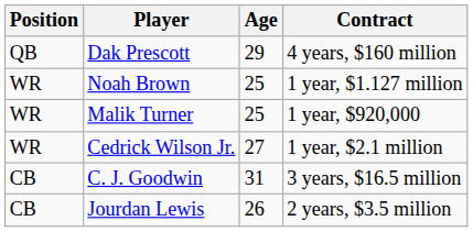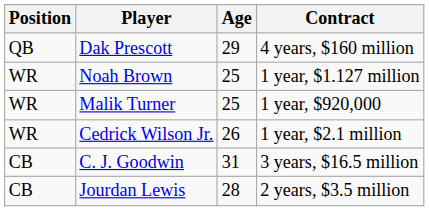 <table class="wikitable">
 <tr>
 <th>Position</th>
 <th>Player</th>
 <th>Age</th>
 <th>Contract</th>
 </tr>
 <tr>
 <td>QB</td>
 <td><a href='#'>Dak Prescott</a></td>
 <td>29</td>
 <td>4 years, $160 million</td>
 </tr>
 <tr>
 <td>WR</td>
 <td><a href='#'>Noah Brown</a></td>
 <td>25</td>
 <td>1 year, $1.127 million</td>
 </tr>
 <tr>
 <td>WR</td>
 <td><a href='#'>Malik Turner</a></td>
 <td>25</td>
 <td>1 year, $920,000</td>
 </tr>
 <tr>
 <td>WR</td>
 <td><a href='#'>Cedrick Wilson Jr.</a></td>
-<td>27</td>
+<td>26</td>
 <td>1 year, $2.1 million</td>
 </tr>
 <tr>
 <td>CB</td>
 <td><a href='#'>C. J. Goodwin</a></td>
 <td>31</td>
 <td>3 years, $16.5 million</td>
 </tr>
 <tr>
 <td>CB</td>
 <td><a href='#'>Jourdan Lewis</a></td>
-<td>26</td>
+<td>28</td>
 <td>2 years, $3.5 million</td>
 </tr>
 </table>
